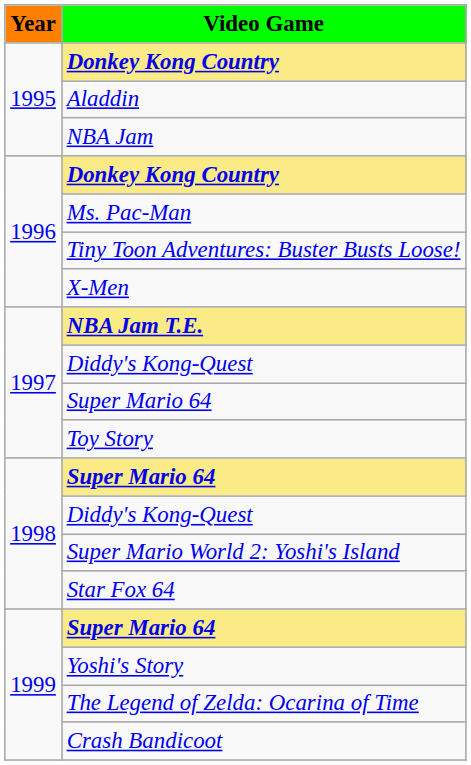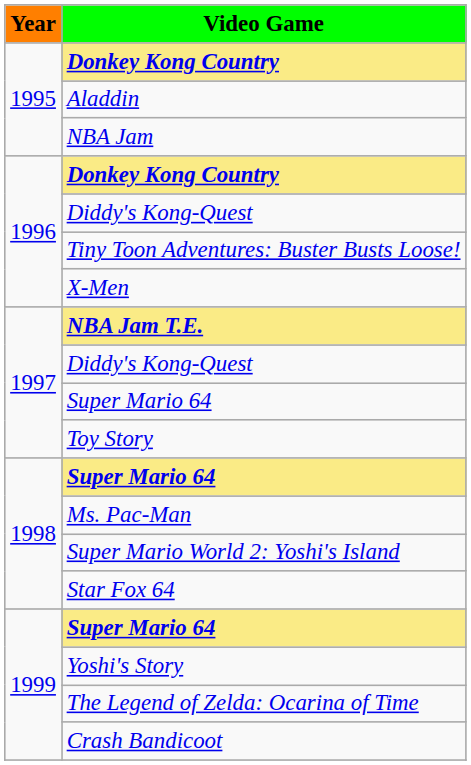 <table class="wikitable" style="font-size:90%;">
 <tr>
 <th style="background:#FF7F00;">Year</th>
 <th style="background:#00FF00;">Video Game</th>
 </tr>
 <tr>
 <td rowspan="3"><a href='#'>1995</a></td>
 <td style="background:#FAEB86;"><strong><em><a href='#'>Donkey Kong Country</a></em></strong> </td>
 </tr>
 <tr>
 <td><em><a href='#'>Aladdin</a></em></td>
 </tr>
 <tr>
 <td><em><a href='#'>NBA Jam</a></em></td>
 </tr>
 <tr>
 <td rowspan="4"><a href='#'>1996</a></td>
 <td style="background:#FAEB86;"><strong><em><a href='#'>Donkey Kong Country</a></em></strong> </td>
 </tr>
 <tr>
-<td><em><a href='#'>Ms. Pac-Man</a></em></td>
+<td><em><a href='#'>Diddy's Kong-Quest</a></em></td>
 </tr>
 <tr>
 <td><em><a href='#'>Tiny Toon Adventures: Buster Busts Loose!</a></em></td>
 </tr>
 <tr>
 <td><em><a href='#'>X-Men</a></em></td>
 </tr>
 <tr>
 <td rowspan="4"><a href='#'>1997</a></td>
 <td style="background:#FAEB86;"><strong><em><a href='#'>NBA Jam T.E.</a></em></strong> </td>
 </tr>
 <tr>
 <td><em><a href='#'>Diddy's Kong-Quest</a></em></td>
 </tr>
 <tr>
 <td><em><a href='#'>Super Mario 64</a></em></td>
 </tr>
 <tr>
 <td><em><a href='#'>Toy Story</a></em></td>
 </tr>
 <tr>
 <td rowspan="4"><a href='#'>1998</a></td>
 <td style="background:#FAEB86;"><strong><em><a href='#'>Super Mario 64</a></em></strong> </td>
 </tr>
 <tr>
-<td><em><a href='#'>Diddy's Kong-Quest</a></em></td>
+<td><em><a href='#'>Ms. Pac-Man</a></em></td>
 </tr>
 <tr>
 <td><em><a href='#'>Super Mario World 2: Yoshi's Island</a></em></td>
 </tr>
 <tr>
 <td><em><a href='#'>Star Fox 64</a></em></td>
 </tr>
 <tr>
 <td rowspan="4"><a href='#'>1999</a></td>
 <td style="background:#FAEB86;"><strong><em><a href='#'>Super Mario 64</a></em></strong> </td>
 </tr>
 <tr>
 <td><em><a href='#'>Yoshi's Story</a></em></td>
 </tr>
 <tr>
 <td><em><a href='#'>The Legend of Zelda: Ocarina of Time</a></em></td>
 </tr>
 <tr>
 <td><em><a href='#'>Crash Bandicoot</a></em></td>
 </tr>
 </table>
